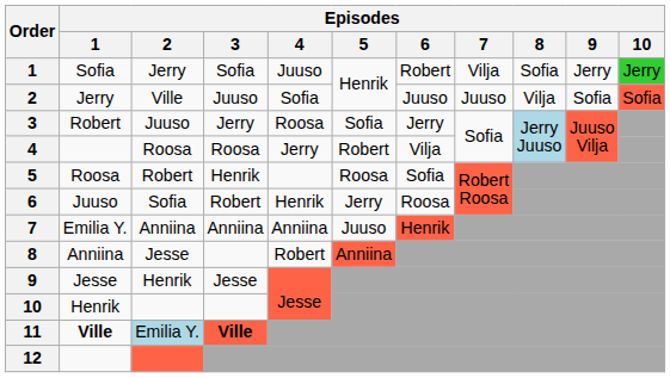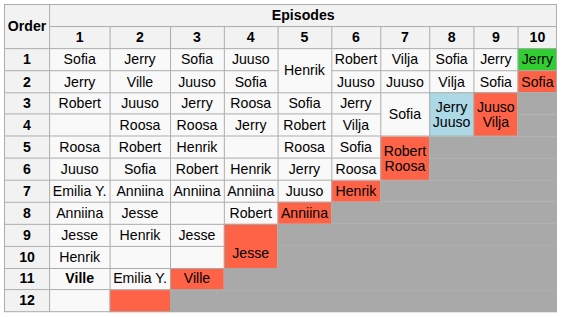 <table class="wikitable" style="text-align:center; font-size:92%">
 <tr>
 <th rowspan=2>Order</th>
 <th colspan=12>Episodes</th>
 </tr>
 <tr>
 <th>1</th>
 <th>2</th>
 <th>3</th>
 <th>4</th>
 <th>5</th>
 <th>6</th>
 <th>7</th>
 <th>8</th>
 <th>9</th>
 <th>10</th>
 </tr>
 <tr>
 <th>1</th>
 <td>Sofia</td>
 <td>Jerry</td>
 <td>Sofia</td>
 <td>Juuso</td>
 <td rowspan="2">Henrik<br></td>
 <td>Robert</td>
 <td>Vilja</td>
 <td>Sofia</td>
 <td>Jerry</td>
 <td style=" background:limegreen;">Jerry</td>
 </tr>
 <tr>
 <th>2</th>
 <td>Jerry</td>
 <td>Ville</td>
 <td>Juuso</td>
 <td>Sofia</td>
 <td>Juuso</td>
 <td>Juuso</td>
 <td>Vilja</td>
 <td>Sofia</td>
 <td style=" background:tomato;">Sofia</td>
 </tr>
 <tr>
 <th>3</th>
 <td>Robert</td>
 <td>Juuso</td>
 <td>Jerry</td>
 <td>Roosa</td>
 <td>Sofia</td>
 <td>Jerry</td>
 <td rowspan="2">Sofia<br></td>
 <td rowspan="2" style="background:lightblue">Jerry<br>Juuso</td>
 <td rowspan="2" style=" background:tomato;">Juuso<br>Vilja</td>
 <td colspan="8" style="background:darkgrey"></td>
 </tr>
 <tr>
 <th>4</th>
 <td></td>
 <td>Roosa</td>
 <td>Roosa</td>
 <td>Jerry</td>
 <td>Robert</td>
 <td>Vilja</td>
 <td colspan="8" style="background:darkgrey"></td>
 </tr>
 <tr>
 <th>5</th>
 <td>Roosa</td>
 <td>Robert</td>
 <td>Henrik</td>
 <td></td>
 <td>Roosa</td>
 <td>Sofia</td>
 <td rowspan="2" style=" background:tomato;">Robert<br>Roosa</td>
 <td colspan="18" style="background:darkgrey"></td>
 </tr>
 <tr>
 <th>6</th>
 <td>Juuso</td>
 <td>Sofia</td>
 <td>Robert</td>
 <td>Henrik</td>
 <td>Jerry</td>
 <td>Roosa</td>
 <td colspan="18" style="background:darkgrey"></td>
 </tr>
 <tr>
 <th>7</th>
 <td>Emilia Y.</td>
 <td>Anniina</td>
 <td>Anniina</td>
 <td>Anniina</td>
 <td>Juuso</td>
 <td style=" background:tomato;">Henrik</td>
 <td colspan="18" style="background:darkgrey"></td>
 </tr>
 <tr>
 <th>8</th>
 <td>Anniina</td>
 <td>Jesse</td>
 <td></td>
 <td>Robert</td>
 <td style=" background:tomato;">Anniina</td>
 <td colspan="18" style="background:darkgrey"></td>
 </tr>
 <tr>
 <th>9</th>
 <td>Jesse</td>
 <td>Henrik</td>
 <td>Jesse</td>
 <td rowspan="2" style=" background:tomato;"><br>Jesse</td>
 <td colspan="18" style="background:darkgrey"></td>
 </tr>
 <tr>
 <th>10</th>
 <td>Henrik</td>
 <td></td>
 <td></td>
 <td colspan="18" style="background:darkgrey"></td>
 </tr>
 <tr>
 <th>11</th>
 <td><strong>Ville</strong></td>
-<td style="background: lightblue;">Emilia Y.</td>
-<td style=" background:tomato;"><strong>Ville</strong></td>
+<td>Emilia Y.</td>
+<td style=" background:tomato;">Ville</td>
 <td colspan="18" style="background:darkgrey"></td>
 </tr>
 <tr>
 <th>12</th>
 <td></td>
 <td style=" background:tomato;"></td>
 <td colspan="18" style="background:darkgrey"></td>
 </tr>
 </table>
